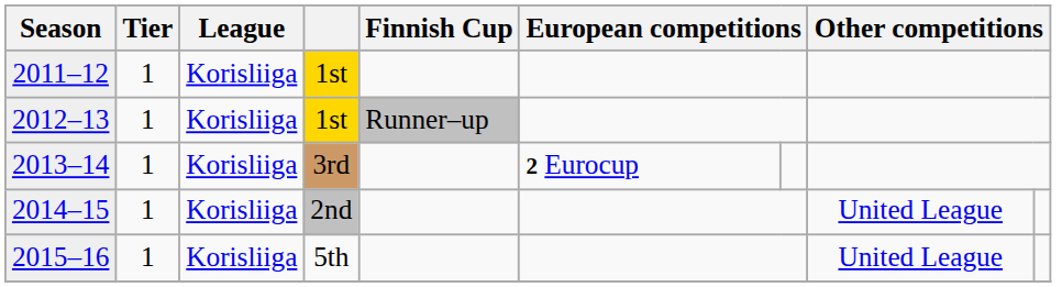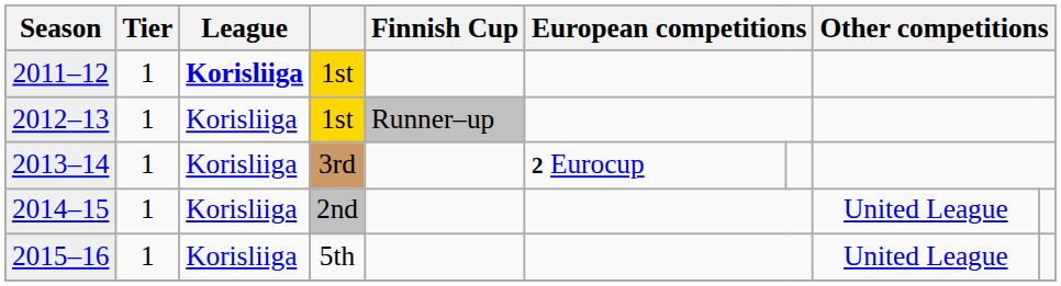 <table class="wikitable" style="font-size:85%; text-align:center">
 <tr bgcolor=>
 <th>Season</th>
 <th>Tier</th>
 <th>League</th>
 <th></th>
 <th>Finnish Cup</th>
 <th colspan=2>European competitions</th>
 <th colspan=2>Other competitions</th>
 </tr>
 <tr>
 <td style="background:#efefef;"><a href='#'> 2011–12</a></td>
 <td>1</td>
-<td align=left><a href='#'>Korisliiga</a></td>
+<td align=left><strong><a href='#'>Korisliiga</a></strong></td>
 <td style="background:gold;">1st</td>
 <td></td>
 <td colspan=2></td>
 <td colspan=2></td>
 </tr>
 <tr>
 <td style="background:#efefef;"><a href='#'>2012–13</a></td>
 <td>1</td>
 <td align=left><a href='#'>Korisliiga</a></td>
 <td bgcolor=gold>1st</td>
 <td style="background:silver;" align=left>Runner–up</td>
 <td colspan=2></td>
 <td colspan=2></td>
 </tr>
 <tr>
 <td style="background:#efefef;"><a href='#'>2013–14</a></td>
 <td>1</td>
 <td align=left><a href='#'>Korisliiga</a></td>
 <td style="background:#cc9966;">3rd</td>
 <td></td>
 <td align=left><small><strong>2</strong></small> <a href='#'>Eurocup</a></td>
 <td></td>
 <td colspan=2></td>
 </tr>
 <tr>
 <td style="background:#efefef;"><a href='#'>2014–15</a></td>
 <td>1</td>
 <td align=left><a href='#'>Korisliiga</a></td>
 <td bgcolor=silver>2nd</td>
 <td align=left></td>
 <td colspan=2></td>
 <td><a href='#'>United League</a></td>
 <td></td>
 </tr>
 <tr>
 <td style="background:#efefef;"><a href='#'>2015–16</a></td>
 <td>1</td>
 <td align=left><a href='#'>Korisliiga</a></td>
 <td>5th</td>
 <td align=left></td>
 <td colspan=2></td>
 <td><a href='#'>United League</a></td>
 <td></td>
 </tr>
 <tr>
 </tr>
 </table>
